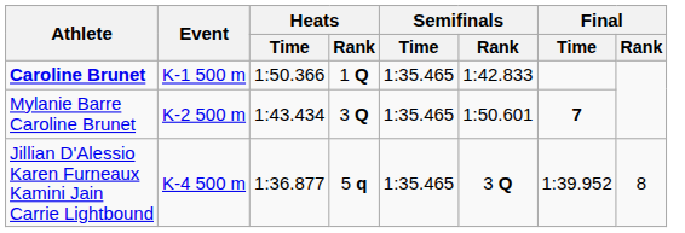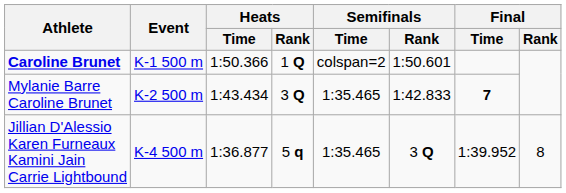 <table class="wikitable" style="font-size:90%">
 <tr>
 <th rowspan=2>Athlete</th>
 <th rowspan=2>Event</th>
 <th colspan=2>Heats</th>
 <th colspan=2>Semifinals</th>
 <th colspan=2>Final</th>
 </tr>
 <tr style="font-size:95%">
 <th>Time</th>
 <th>Rank</th>
 <th>Time</th>
 <th>Rank</th>
 <th>Time</th>
 <th>Rank</th>
 </tr>
 <tr align=center>
 <td align=left><strong><a href='#'>Caroline Brunet</a></strong></td>
 <td align=left><a href='#'>K-1 500 m</a></td>
 <td>1:50.366</td>
 <td>1 <strong>Q</strong></td>
-<td>1:35.465</td>
-<td>1:42.833</td>
+<td>colspan=2 </td>
+<td>1:50.601</td>
 <td></td>
 </tr>
 <tr align=center>
 <td align=left><a href='#'>Mylanie Barre</a> <br><a href='#'>Caroline Brunet</a></td>
 <td align=left><a href='#'>K-2 500 m</a></td>
 <td>1:43.434</td>
 <td>3 <strong>Q</strong></td>
 <td>1:35.465</td>
-<td>1:50.601</td>
+<td>1:42.833</td>
 <td><strong>7</strong></td>
 </tr>
 <tr align=center>
 <td align=left><a href='#'>Jillian D'Alessio</a><br><a href='#'>Karen Furneaux</a><br><a href='#'>Kamini Jain</a><br><a href='#'>Carrie Lightbound</a></td>
 <td align=left><a href='#'>K-4 500 m</a></td>
 <td>1:36.877</td>
 <td>5 <strong>q</strong></td>
 <td>1:35.465</td>
 <td>3 <strong>Q</strong></td>
 <td>1:39.952</td>
 <td>8</td>
 </tr>
 </table>
